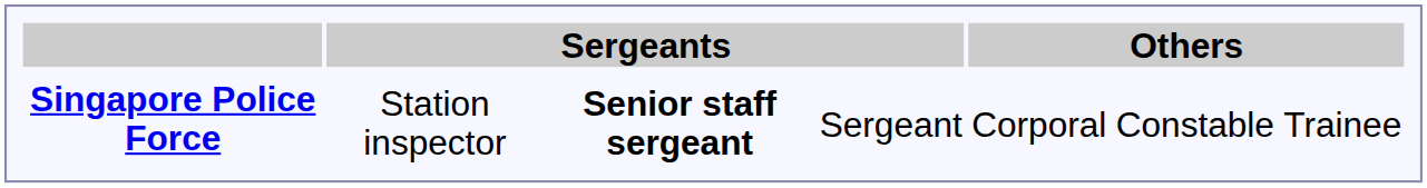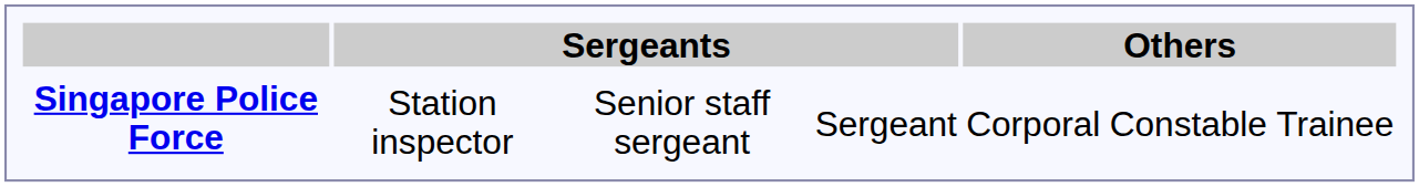 <table style="border:1px solid #8888aa; background-color:#f7f8ff; padding:5px; font-size:95%; margin: 0px 12px 12px 0px;">
 <tr style="background-color:#CCCCCC;">
 <th></th>
 <th colspan=3>Sergeants</th>
 <th colspan=3>Others</th>
 </tr>
 <tr style="text-align:center;">
 <td rowspan=2> <strong><a href='#'>Singapore Police Force</a></strong></td>
 <td></td>
 <td></td>
 <td></td>
 <td></td>
 <td></td>
 <td></td>
 </tr>
 <tr style="text-align:center;">
 <td>Station inspector</td>
-<td><strong>Senior staff sergeant</strong></td>
+<td>Senior staff sergeant</td>
 <td>Sergeant</td>
 <td>Corporal</td>
 <td>Constable</td>
 <td>Trainee</td>
 </tr>
 </table>
